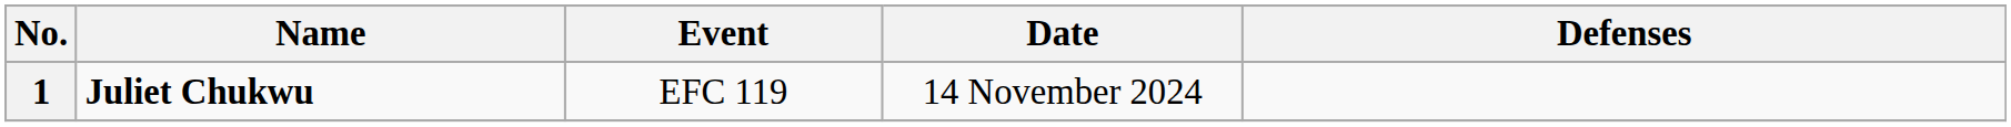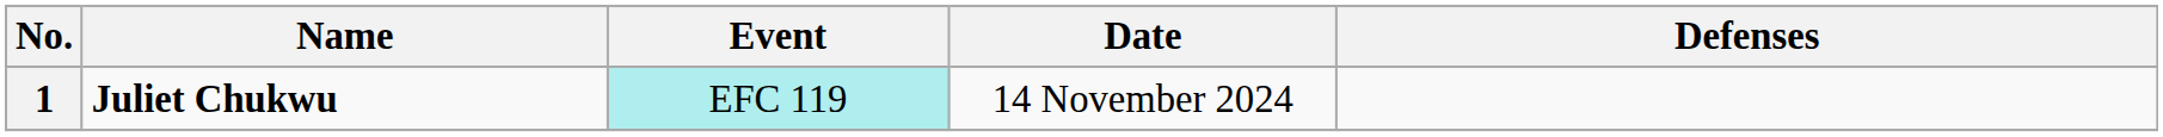 <table class="wikitable" width=100%>
 <tr>
 <th width=1%>No.</th>
 <th width=23%>Name</th>
 <th width=15%>Event</th>
 <th width=17%>Date</th>
 <th width=36%>Defenses</th>
 </tr>
 <tr>
 <th>1</th>
 <td align=left> <strong>Juliet Chukwu</strong><br></td>
-<td align=center>EFC 119<br></td>
+<td align=center style="background: paleturquoise;">EFC 119<br></td>
 <td align=center>14 November 2024</td>
 <td></td>
 </tr>
 <tr>
 </tr>
 </table>
